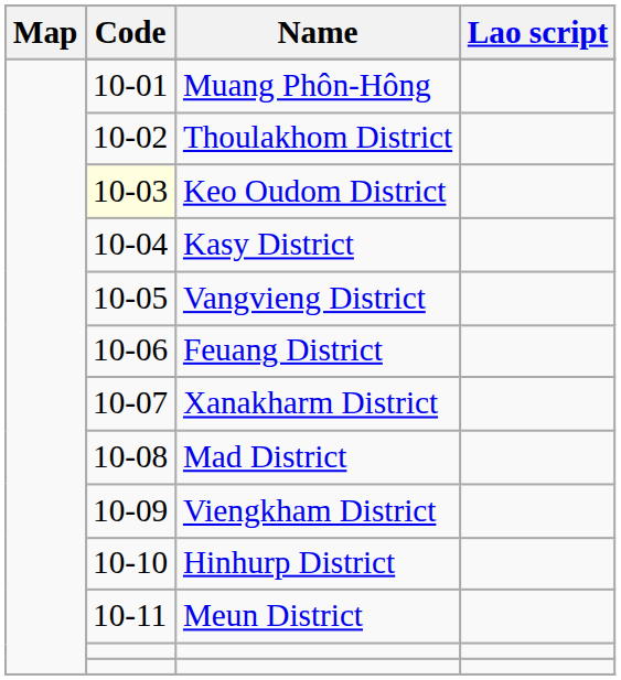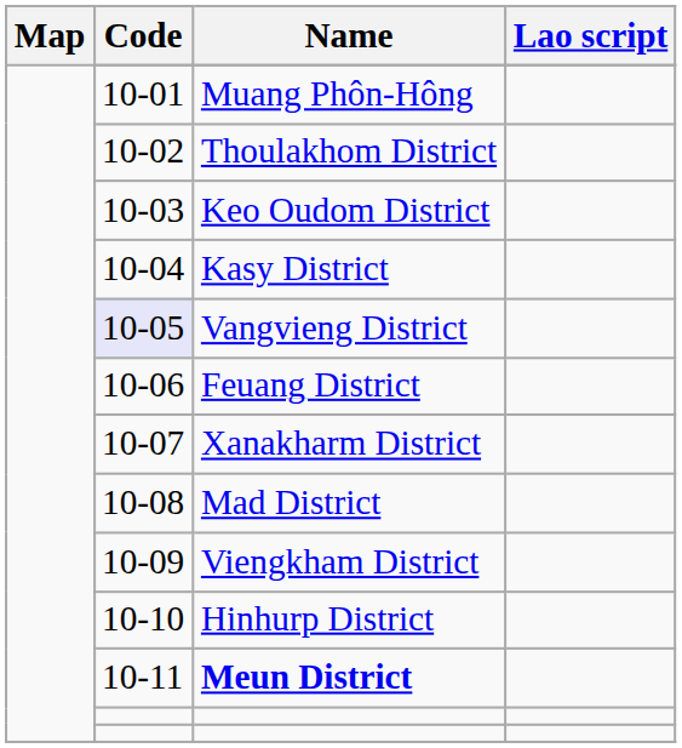 <table class="wikitable"  style="font-size:90%;">
 <tr>
 <th>Map</th>
 <th>Code</th>
 <th>Name</th>
 <th><a href='#'>Lao script</a></th>
 </tr>
 <tr>
 <td rowspan=14></td>
 </tr>
 <tr>
 <td>10-01</td>
 <td><a href='#'>Muang Phôn-Hông </a></td>
 <td></td>
 </tr>
 <tr>
 <td>10-02</td>
 <td><a href='#'>Thoulakhom District</a></td>
 <td></td>
 </tr>
 <tr>
-<td style="background: lightyellow;">10-03</td>
+<td>10-03</td>
 <td><a href='#'>Keo Oudom District</a></td>
 <td></td>
 </tr>
 <tr>
 <td>10-04</td>
 <td><a href='#'>Kasy District</a></td>
 <td></td>
 </tr>
 <tr>
-<td>10-05</td>
+<td style="background: lavender;">10-05</td>
 <td><a href='#'>Vangvieng District</a></td>
 <td></td>
 </tr>
 <tr>
 <td>10-06</td>
 <td><a href='#'>Feuang District</a></td>
 <td></td>
 </tr>
 <tr>
 <td>10-07</td>
 <td><a href='#'>Xanakharm District</a></td>
 <td></td>
 </tr>
 <tr>
 <td>10-08</td>
 <td><a href='#'>Mad District</a></td>
 <td></td>
 </tr>
 <tr>
 <td>10-09</td>
 <td><a href='#'>Viengkham District</a></td>
 <td></td>
 </tr>
 <tr>
 <td>10-10</td>
 <td><a href='#'>Hinhurp District</a></td>
 <td></td>
 </tr>
 <tr>
 <td>10-11</td>
-<td><a href='#'>Meun District</a></td>
+<td><strong><a href='#'>Meun District</a></strong></td>
 <td></td>
 </tr>
 <tr>
 <td></td>
 <td></td>
 <td></td>
 </tr>
 <tr>
 <td></td>
 <td></td>
 <td></td>
 </tr>
 <tr>
 </tr>
 </table>
